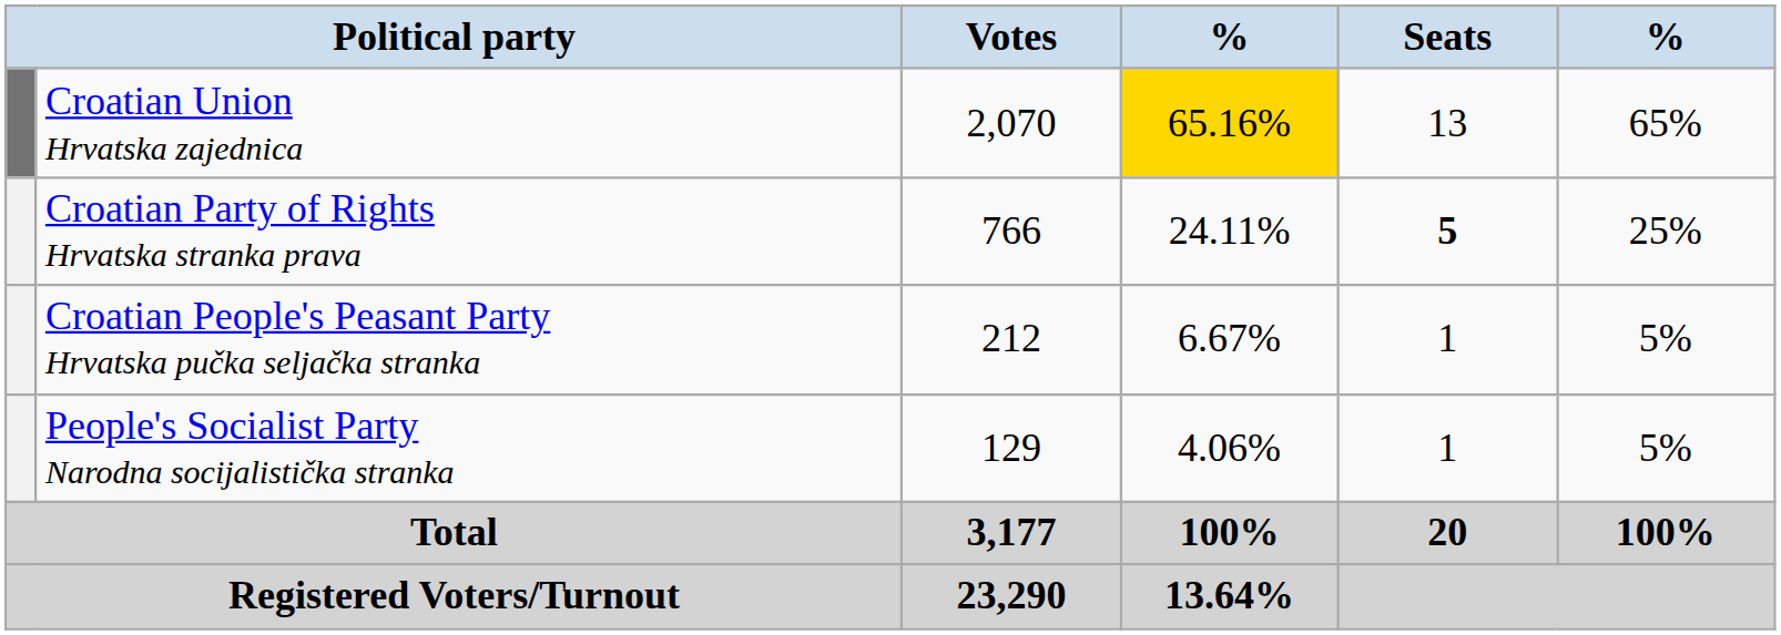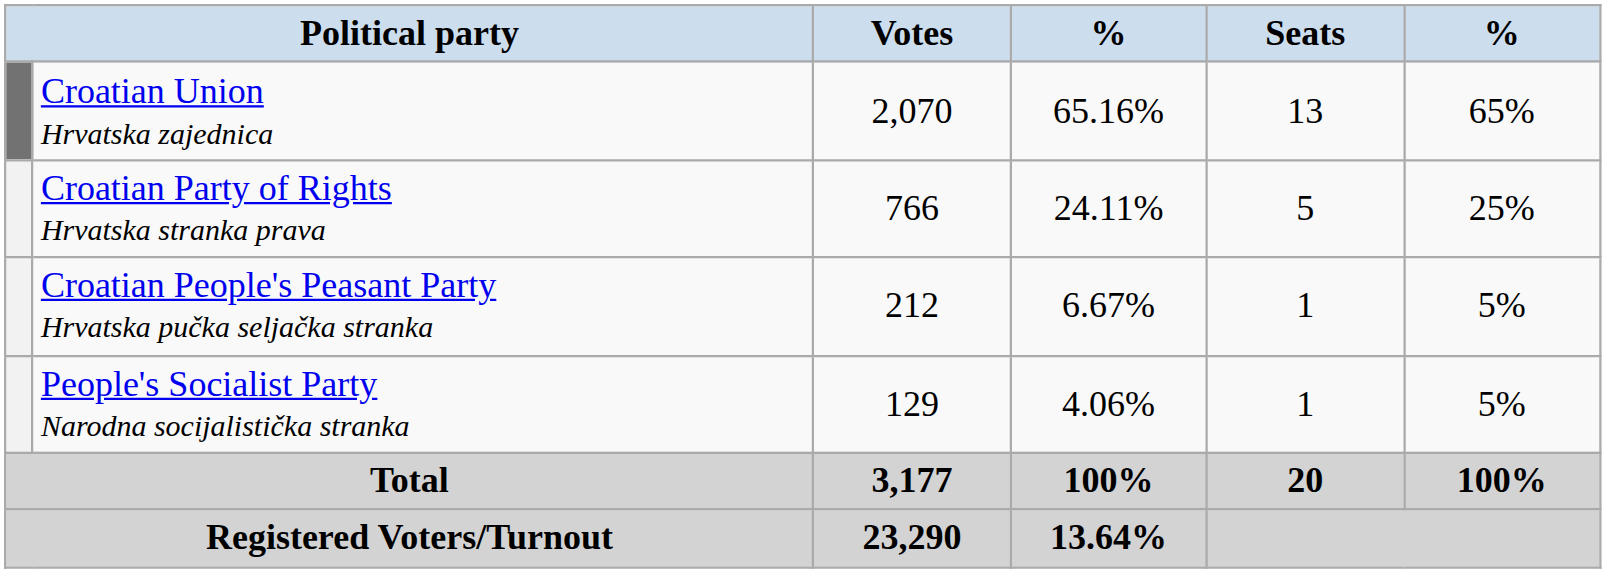 <table class="wikitable">
 <tr>
 <th colspan=2 style="background:#CCDDEE; width: 22em">Political party</th>
 <th style="width: 5em; background:#CCDDEE;">Votes</th>
 <th style="width: 5em; background:#CCDDEE;">%</th>
 <th style="width: 5em; background:#CCDDEE;">Seats</th>
 <th style="width: 5em; background:#CCDDEE;">%</th>
 </tr>
 <tr>
 <th style="background-color: #727272"></th>
 <td><a href='#'>Croatian Union</a><br><small><em>Hrvatska zajednica</em></small></td>
 <td style="text-align:center">2,070</td>
-<td style="background: gold; text-align:center">65.16%</td>
+<td style="text-align:center">65.16%</td>
 <td style="text-align:center">13</td>
 <td style="text-align:center">65%</td>
 </tr>
 <tr>
 <th style="background-color: "></th>
 <td><a href='#'>Croatian Party of Rights</a><br><small><em>Hrvatska stranka prava</em></small></td>
 <td style="text-align:center">766</td>
 <td style="text-align:center">24.11%</td>
-<td style="text-align:center"><strong>5</strong></td>
+<td style="text-align:center">5</td>
 <td style="text-align:center">25%</td>
 </tr>
 <tr>
 <th style="background-color: "></th>
 <td><a href='#'>Croatian People's Peasant Party</a><br><small><em>Hrvatska pučka seljačka stranka</em></small></td>
 <td style="text-align:center">212</td>
 <td style="text-align:center">6.67%</td>
 <td style="text-align:center">1</td>
 <td style="text-align:center">5%</td>
 </tr>
 <tr>
 <th style="background-color: "></th>
 <td><a href='#'>People's Socialist Party</a><br><small><em>Narodna socijalistička stranka</em></small></td>
 <td style="text-align:center">129</td>
 <td style="text-align:center">4.06%</td>
 <td style="text-align:center">1</td>
 <td style="text-align:center">5%</td>
 </tr>
 <tr>
 <td colspan="2" align=center style="background: lightgrey"><strong>Total</strong></td>
 <td align=center style="background: lightgrey"><strong>3,177</strong></td>
 <td align=center style="background: lightgrey"><strong>100%</strong></td>
 <td align=center style="background: lightgrey"><strong>20</strong></td>
 <td align=center style="background: lightgrey"><strong>100%</strong></td>
 </tr>
 <tr>
 <td colspan="2" align=center style="background: lightgrey"><strong>Registered Voters/Turnout</strong></td>
 <td align=center style="background: lightgrey"><strong>23,290</strong></td>
 <td align=center style="background: lightgrey"><strong>13.64%</strong></td>
 <td colspan="4" align=center style="background: lightgrey"></td>
 </tr>
 </table>
